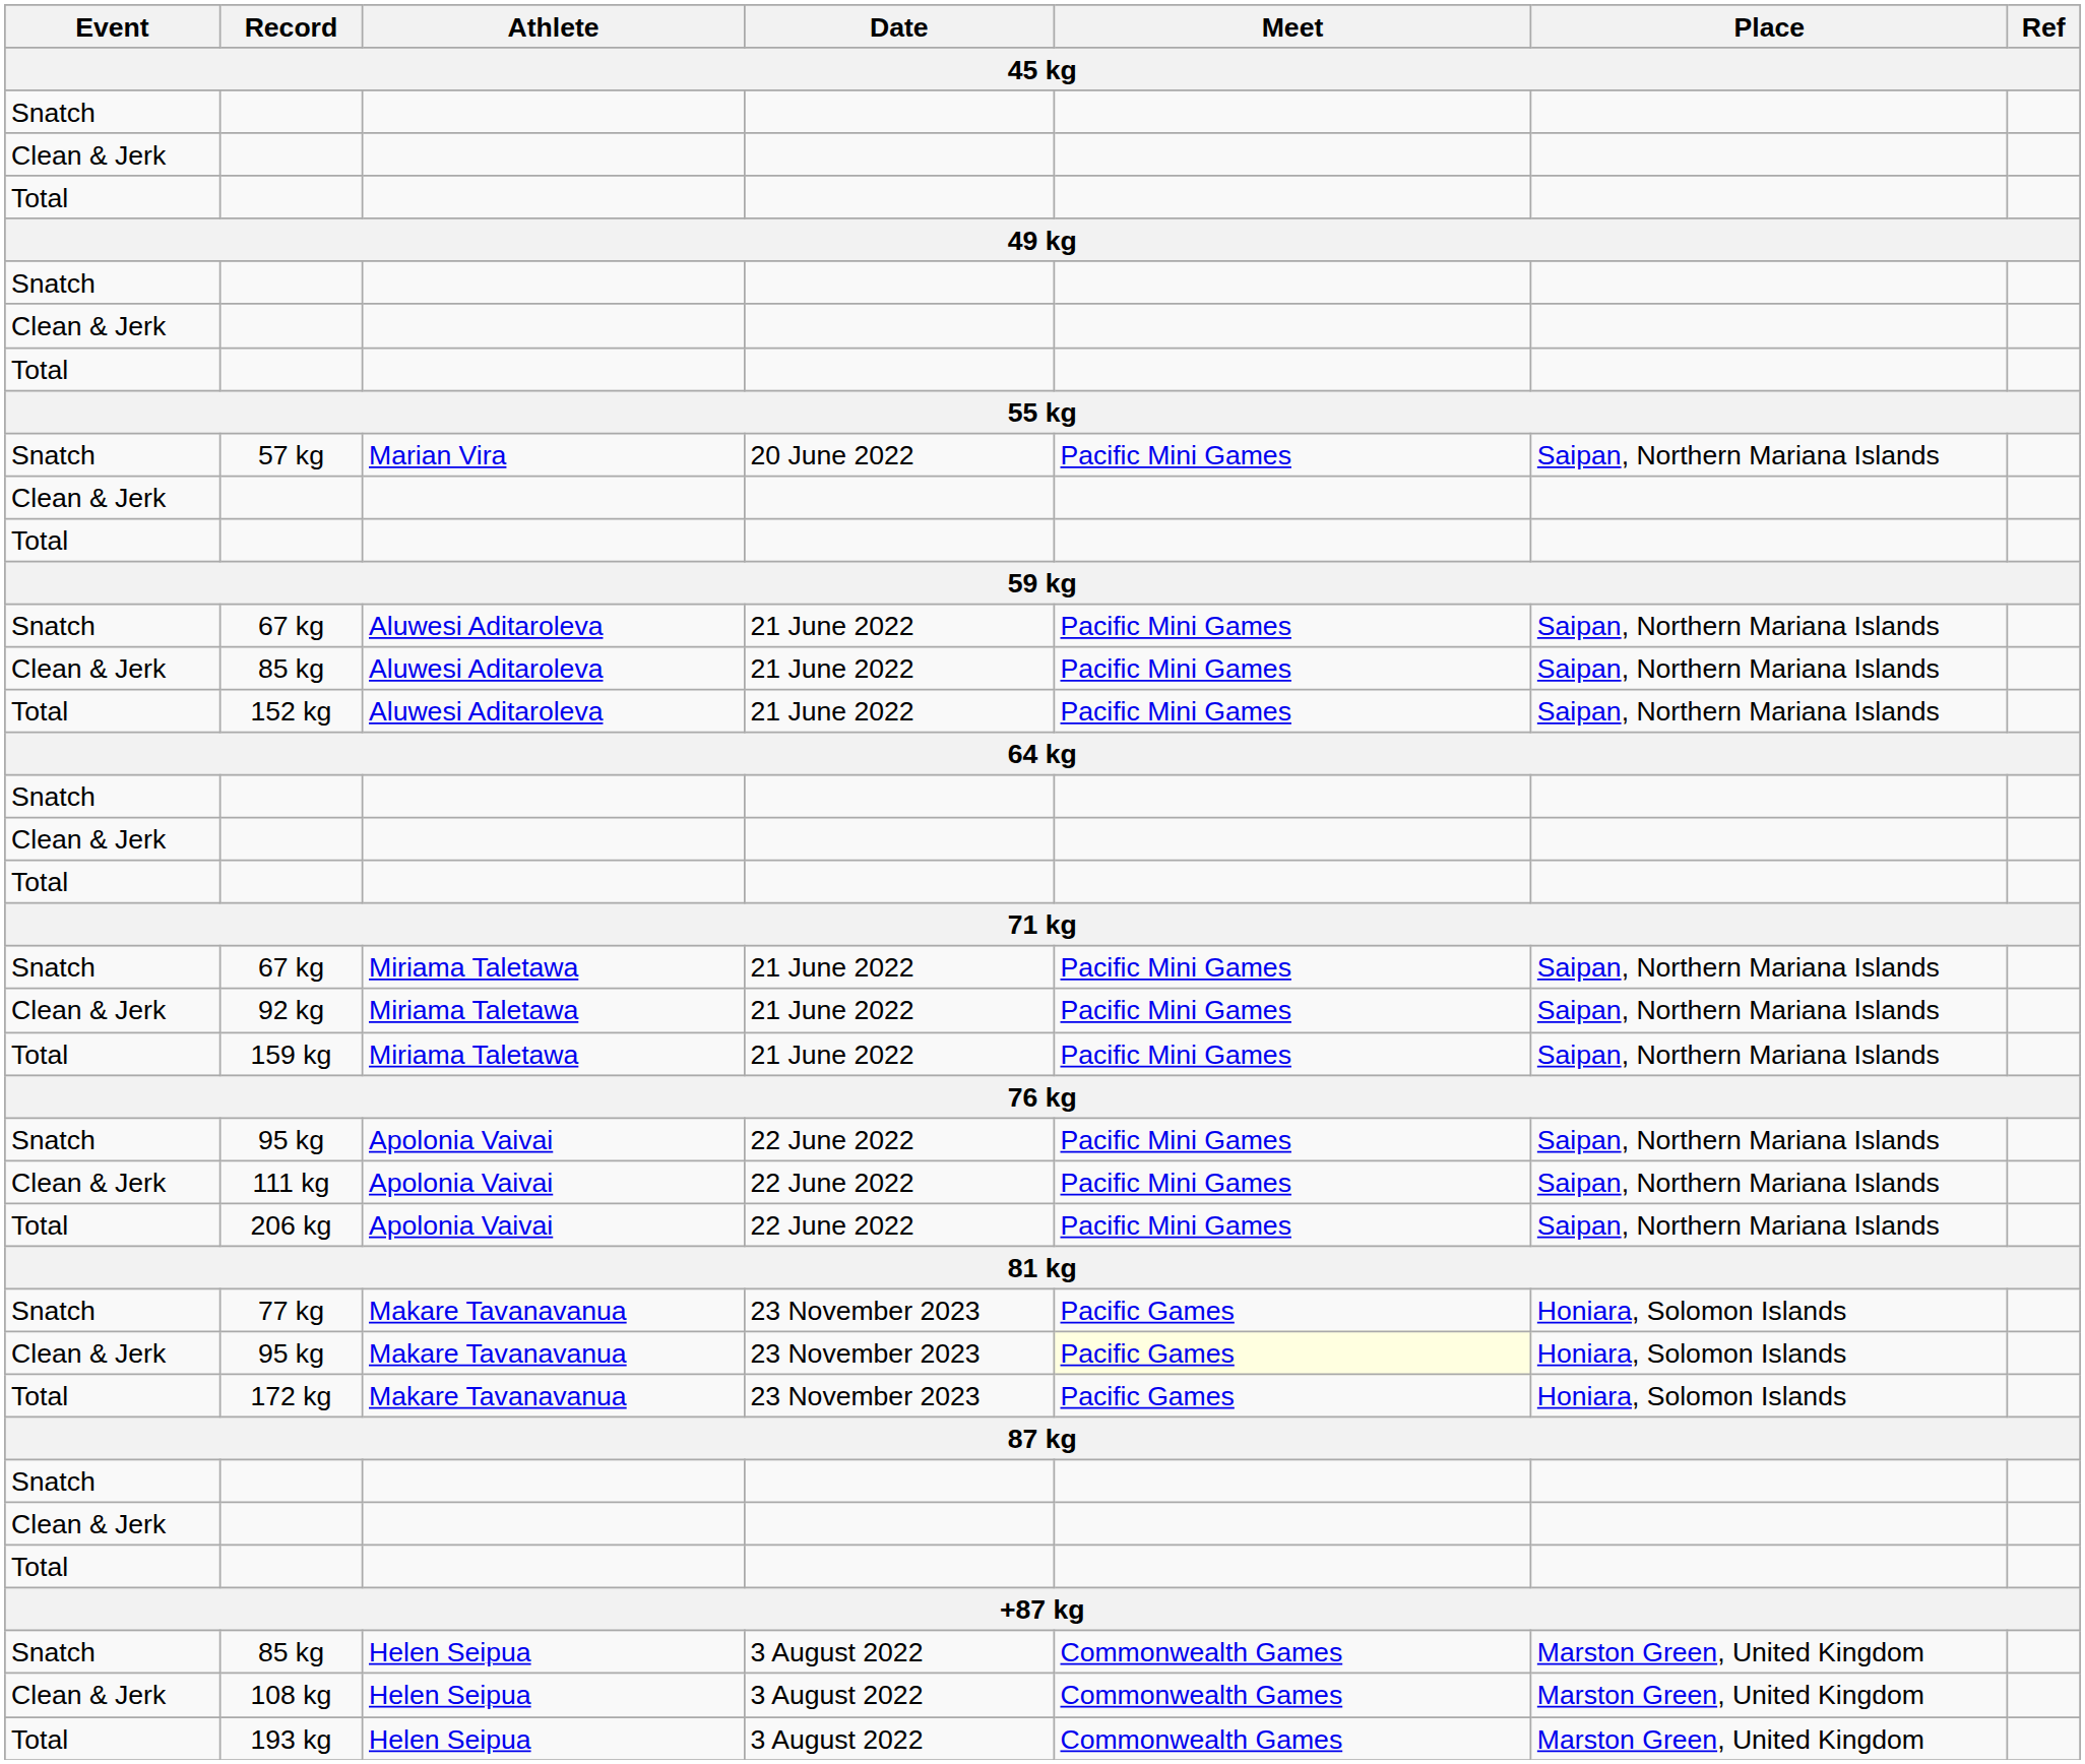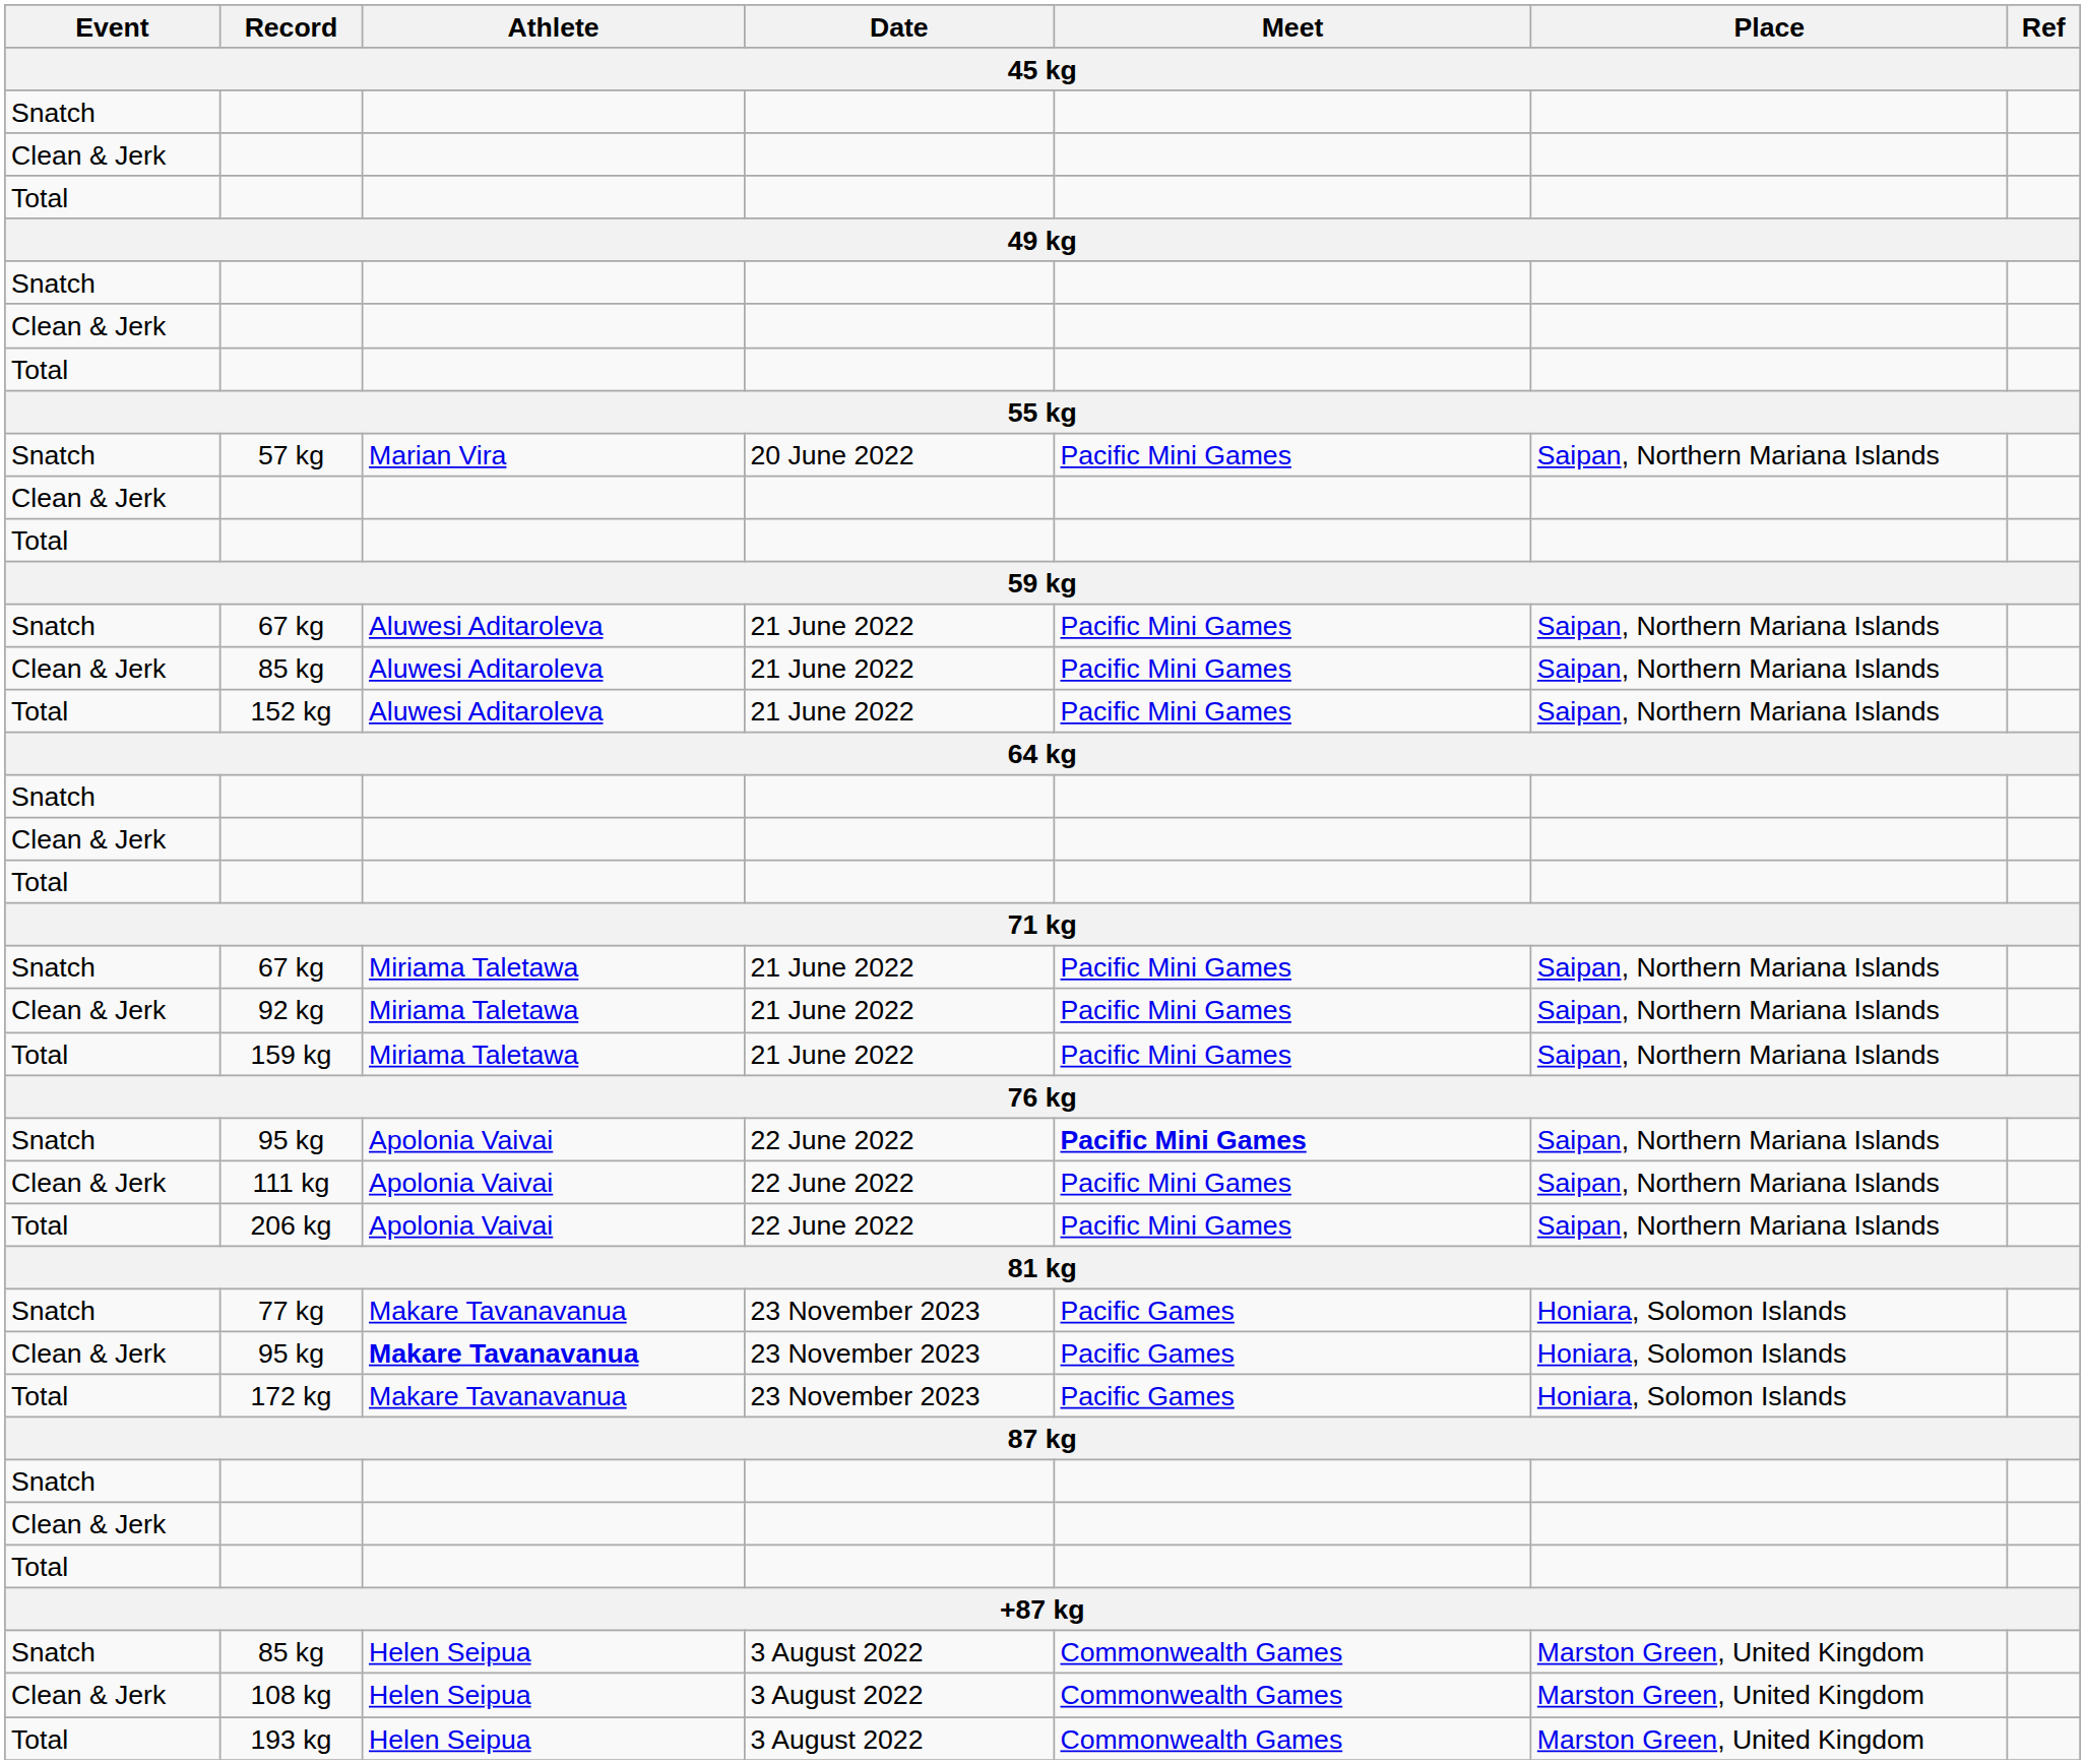 <table class="wikitable" style="font-size:95%;">
 <tr>
 <th width=9%>Event</th>
 <th width=6%>Record</th>
 <th width=16%>Athlete</th>
 <th width=13%>Date</th>
 <th width=20%>Meet</th>
 <th width=20%>Place</th>
 <th width=3%>Ref</th>
 </tr>
 <tr bgcolor="#DDDDDD">
 <th colspan="7">45 kg</th>
 </tr>
 <tr>
 <td>Snatch</td>
 <td align="center"></td>
 <td></td>
 <td></td>
 <td></td>
 <td></td>
 <td></td>
 </tr>
 <tr>
 <td>Clean & Jerk</td>
 <td align="center"></td>
 <td></td>
 <td></td>
 <td></td>
 <td></td>
 <td></td>
 </tr>
 <tr>
 <td>Total</td>
 <td align="center"></td>
 <td></td>
 <td></td>
 <td></td>
 <td></td>
 <td></td>
 </tr>
 <tr bgcolor="#DDDDDD">
 <th colspan="7">49 kg</th>
 </tr>
 <tr>
 <td>Snatch</td>
 <td align="center"></td>
 <td></td>
 <td></td>
 <td></td>
 <td></td>
 <td></td>
 </tr>
 <tr>
 <td>Clean & Jerk</td>
 <td align="center"></td>
 <td></td>
 <td></td>
 <td></td>
 <td></td>
 <td></td>
 </tr>
 <tr>
 <td>Total</td>
 <td align="center"></td>
 <td></td>
 <td></td>
 <td></td>
 <td></td>
 <td></td>
 </tr>
 <tr bgcolor="#DDDDDD">
 <th colspan="7">55 kg</th>
 </tr>
 <tr>
 <td>Snatch</td>
 <td align="center">57 kg</td>
 <td><a href='#'>Marian Vira</a></td>
 <td>20 June 2022</td>
 <td><a href='#'>Pacific Mini Games</a></td>
 <td><a href='#'>Saipan</a>, Northern Mariana Islands</td>
 <td></td>
 </tr>
 <tr>
 <td>Clean & Jerk</td>
 <td align="center"></td>
 <td></td>
 <td></td>
 <td></td>
 <td></td>
 <td></td>
 </tr>
 <tr>
 <td>Total</td>
 <td align="center"></td>
 <td></td>
 <td></td>
 <td></td>
 <td></td>
 <td></td>
 </tr>
 <tr bgcolor="#DDDDDD">
 <th colspan="7">59 kg</th>
 </tr>
 <tr>
 <td>Snatch</td>
 <td align="center">67 kg</td>
 <td><a href='#'>Aluwesi Aditaroleva</a></td>
 <td>21 June 2022</td>
 <td><a href='#'>Pacific Mini Games</a></td>
 <td><a href='#'>Saipan</a>, Northern Mariana Islands</td>
 <td></td>
 </tr>
 <tr>
 <td>Clean & Jerk</td>
 <td align="center">85 kg</td>
 <td><a href='#'>Aluwesi Aditaroleva</a></td>
 <td>21 June 2022</td>
 <td><a href='#'>Pacific Mini Games</a></td>
 <td><a href='#'>Saipan</a>, Northern Mariana Islands</td>
 <td></td>
 </tr>
 <tr>
 <td>Total</td>
 <td align="center">152 kg</td>
 <td><a href='#'>Aluwesi Aditaroleva</a></td>
 <td>21 June 2022</td>
 <td><a href='#'>Pacific Mini Games</a></td>
 <td><a href='#'>Saipan</a>, Northern Mariana Islands</td>
 <td></td>
 </tr>
 <tr bgcolor="#DDDDDD">
 <th colspan="7">64 kg</th>
 </tr>
 <tr>
 <td>Snatch</td>
 <td align="center"></td>
 <td></td>
 <td></td>
 <td></td>
 <td></td>
 <td></td>
 </tr>
 <tr>
 <td>Clean & Jerk</td>
 <td align="center"></td>
 <td></td>
 <td></td>
 <td></td>
 <td></td>
 <td></td>
 </tr>
 <tr>
 <td>Total</td>
 <td align="center"></td>
 <td></td>
 <td></td>
 <td></td>
 <td></td>
 <td></td>
 </tr>
 <tr bgcolor="#DDDDDD">
 <th colspan="7">71 kg</th>
 </tr>
 <tr>
 <td>Snatch</td>
 <td align="center">67 kg</td>
 <td><a href='#'>Miriama Taletawa</a></td>
 <td>21 June 2022</td>
 <td><a href='#'>Pacific Mini Games</a></td>
 <td><a href='#'>Saipan</a>, Northern Mariana Islands</td>
 <td></td>
 </tr>
 <tr>
 <td>Clean & Jerk</td>
 <td align="center">92 kg</td>
 <td><a href='#'>Miriama Taletawa</a></td>
 <td>21 June 2022</td>
 <td><a href='#'>Pacific Mini Games</a></td>
 <td><a href='#'>Saipan</a>, Northern Mariana Islands</td>
 <td></td>
 </tr>
 <tr>
 <td>Total</td>
 <td align="center">159 kg</td>
 <td><a href='#'>Miriama Taletawa</a></td>
 <td>21 June 2022</td>
 <td><a href='#'>Pacific Mini Games</a></td>
 <td><a href='#'>Saipan</a>, Northern Mariana Islands</td>
 <td></td>
 </tr>
 <tr bgcolor="#DDDDDD">
 <th colspan="7">76 kg</th>
 </tr>
 <tr>
 <td>Snatch</td>
 <td align="center">95 kg</td>
 <td><a href='#'>Apolonia Vaivai</a></td>
 <td>22 June 2022</td>
-<td><a href='#'>Pacific Mini Games</a></td>
+<td><strong><a href='#'>Pacific Mini Games</a></strong></td>
 <td><a href='#'>Saipan</a>, Northern Mariana Islands</td>
 <td></td>
 </tr>
 <tr>
 <td>Clean & Jerk</td>
 <td align="center">111 kg</td>
 <td><a href='#'>Apolonia Vaivai</a></td>
 <td>22 June 2022</td>
 <td><a href='#'>Pacific Mini Games</a></td>
 <td><a href='#'>Saipan</a>, Northern Mariana Islands</td>
 <td></td>
 </tr>
 <tr>
 <td>Total</td>
 <td align="center">206 kg</td>
 <td><a href='#'>Apolonia Vaivai</a></td>
 <td>22 June 2022</td>
 <td><a href='#'>Pacific Mini Games</a></td>
 <td><a href='#'>Saipan</a>, Northern Mariana Islands</td>
 <td></td>
 </tr>
 <tr bgcolor="#DDDDDD">
 <th colspan="7">81 kg</th>
 </tr>
 <tr>
 <td>Snatch</td>
 <td align="center">77 kg</td>
 <td><a href='#'>Makare Tavanavanua</a></td>
 <td>23 November 2023</td>
 <td><a href='#'>Pacific Games</a></td>
 <td><a href='#'>Honiara</a>, Solomon Islands</td>
 <td></td>
 </tr>
 <tr>
 <td>Clean & Jerk</td>
 <td align="center">95 kg</td>
-<td><a href='#'>Makare Tavanavanua</a></td>
+<td><strong><a href='#'>Makare Tavanavanua</a></strong></td>
 <td>23 November 2023</td>
-<td style="background: lightyellow;"><a href='#'>Pacific Games</a></td>
+<td><a href='#'>Pacific Games</a></td>
 <td><a href='#'>Honiara</a>, Solomon Islands</td>
 <td></td>
 </tr>
 <tr>
 <td>Total</td>
 <td align="center">172 kg</td>
 <td><a href='#'>Makare Tavanavanua</a></td>
 <td>23 November 2023</td>
 <td><a href='#'>Pacific Games</a></td>
 <td><a href='#'>Honiara</a>, Solomon Islands</td>
 <td></td>
 </tr>
 <tr bgcolor="#DDDDDD">
 <th colspan="7">87 kg</th>
 </tr>
 <tr>
 <td>Snatch</td>
 <td align="center"></td>
 <td></td>
 <td></td>
 <td></td>
 <td></td>
 <td></td>
 </tr>
 <tr>
 <td>Clean & Jerk</td>
 <td align="center"></td>
 <td></td>
 <td></td>
 <td></td>
 <td></td>
 <td></td>
 </tr>
 <tr>
 <td>Total</td>
 <td align="center"></td>
 <td></td>
 <td></td>
 <td></td>
 <td></td>
 <td></td>
 </tr>
 <tr bgcolor="#DDDDDD">
 <th colspan="7">+87 kg</th>
 </tr>
 <tr>
 <td>Snatch</td>
 <td align="center">85 kg</td>
 <td><a href='#'>Helen Seipua</a></td>
 <td>3 August 2022</td>
 <td><a href='#'>Commonwealth Games</a></td>
 <td><a href='#'>Marston Green</a>, United Kingdom</td>
 <td></td>
 </tr>
 <tr>
 <td>Clean & Jerk</td>
 <td align="center">108 kg</td>
 <td><a href='#'>Helen Seipua</a></td>
 <td>3 August 2022</td>
 <td><a href='#'>Commonwealth Games</a></td>
 <td><a href='#'>Marston Green</a>, United Kingdom</td>
 <td></td>
 </tr>
 <tr>
 <td>Total</td>
 <td align="center">193 kg</td>
 <td><a href='#'>Helen Seipua</a></td>
 <td>3 August 2022</td>
 <td><a href='#'>Commonwealth Games</a></td>
 <td><a href='#'>Marston Green</a>, United Kingdom</td>
 <td></td>
 </tr>
 </table>
